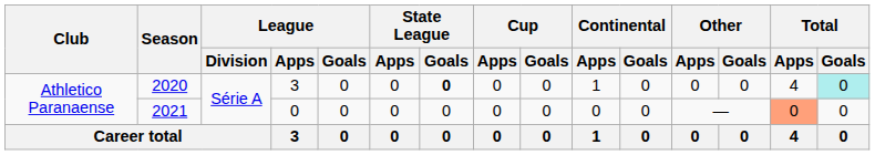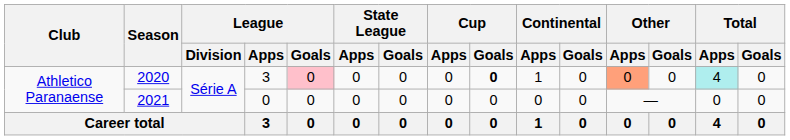 <table class="wikitable" style="text-align: center">
 <tr>
 <th rowspan="2">Club</th>
 <th rowspan="2">Season</th>
 <th colspan="3">League</th>
 <th colspan="2">State League</th>
 <th colspan="2">Cup</th>
 <th colspan="2">Continental</th>
 <th colspan="2">Other</th>
 <th colspan="2">Total</th>
 </tr>
 <tr>
 <th>Division</th>
 <th>Apps</th>
 <th>Goals</th>
 <th>Apps</th>
 <th>Goals</th>
 <th>Apps</th>
 <th>Goals</th>
 <th>Apps</th>
 <th>Goals</th>
 <th>Apps</th>
 <th>Goals</th>
 <th>Apps</th>
 <th>Goals</th>
 </tr>
 <tr>
 <td rowspan="2"><a href='#'>Athletico Paranaense</a></td>
 <td><a href='#'>2020</a></td>
 <td rowspan="2"><a href='#'>Série A</a></td>
 <td>3</td>
+<td style="background: pink;">0</td>
+<td>0</td>
 <td>0</td>
 <td>0</td>
 <td><strong>0</strong></td>
-<td>0</td>
-<td>0</td>
 <td>1</td>
 <td>0</td>
+<td style="background: lightsalmon;">0</td>
 <td>0</td>
+<td style="background: paleturquoise;">4</td>
 <td>0</td>
-<td>4</td>
-<td style="background: paleturquoise;">0</td>
 </tr>
 <tr>
 <td><a href='#'>2021</a></td>
 <td>0</td>
 <td>0</td>
 <td>0</td>
 <td>0</td>
 <td>0</td>
 <td>0</td>
 <td>0</td>
 <td>0</td>
 <td colspan="2">—</td>
-<td style="background: lightsalmon;">0</td>
+<td>0</td>
 <td>0</td>
 </tr>
 <tr>
 <th colspan="3"><strong>Career total</strong></th>
 <th>3</th>
 <th>0</th>
 <th>0</th>
 <th>0</th>
 <th>0</th>
 <th>0</th>
 <th>1</th>
 <th>0</th>
 <th>0</th>
 <th>0</th>
 <th>4</th>
 <th>0</th>
 </tr>
 </table>
